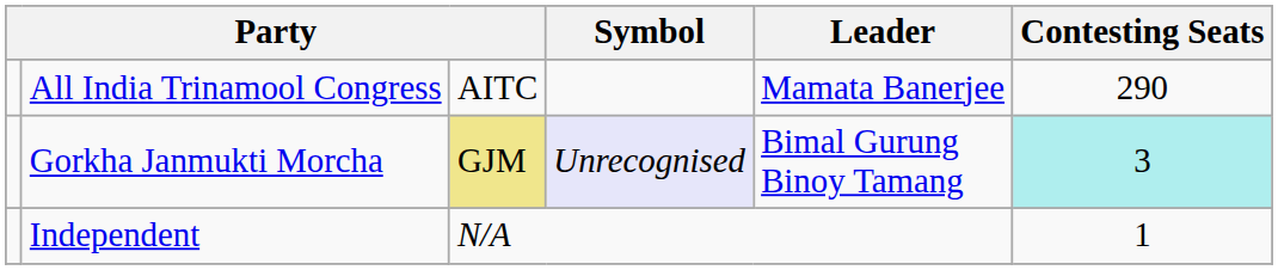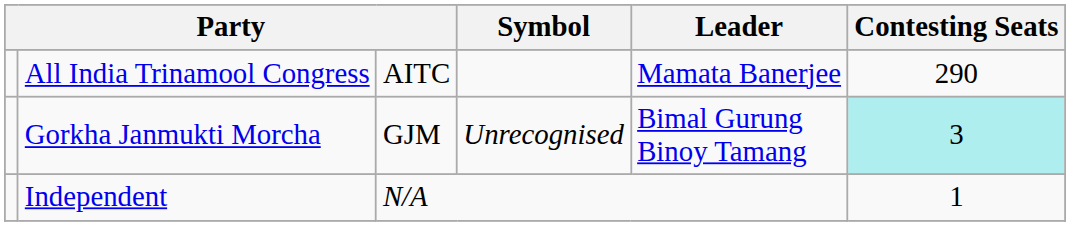 <table class="wikitable">
 <tr>
 <th colspan="3">Party</th>
 <th>Symbol</th>
 <th>Leader</th>
 <th>Contesting Seats</th>
 </tr>
 <tr>
 <td></td>
 <td><a href='#'>All India Trinamool Congress</a></td>
 <td>AITC</td>
 <td style="text-align:center"></td>
 <td><a href='#'>Mamata Banerjee</a></td>
 <td style="text-align:center">290</td>
 </tr>
 <tr>
 <td></td>
 <td><a href='#'>Gorkha Janmukti Morcha</a></td>
-<td style="background: khaki;">GJM</td>
-<td style="background: lavender;"><em>Unrecognised</em></td>
+<td>GJM</td>
+<td><em>Unrecognised</em></td>
 <td><a href='#'>Bimal Gurung</a><br><a href='#'>Binoy Tamang</a></td>
 <td style="background: paleturquoise; text-align:center">3</td>
 </tr>
 <tr>
 <td></td>
 <td><a href='#'>Independent</a></td>
 <td colspan="3"><em>N/A</em></td>
 <td style="text-align:center">1</td>
 </tr>
 </table>
